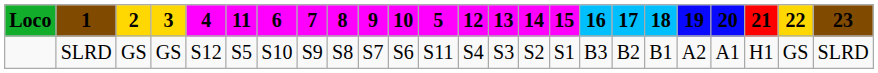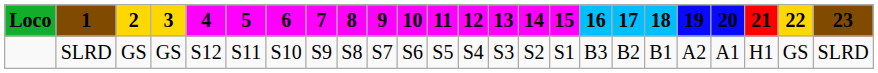 <table class="wikitable plainrowheaders unsortable" style="text-align:center">
 <tr>
 <th rowspan="1" scope="col" style="background:#12ad2b;"><span>Loco</span></th>
 <th rowspan="1" scope="col" style="background:#804a00;"><span>1</span></th>
 <th rowspan="1" scope="col" style="background:#ffd801;">2</th>
 <th rowspan="1" scope="col" style="background:#ffd801;">3</th>
 <th rowspan="1" scope="col" style="background:#ff00ff;">4</th>
-<th rowspan="1" scope="col" style="background:#ff00ff;">11</th>
+<th rowspan="1" scope="col" style="background:#ff00ff;">5</th>
 <th rowspan="1" scope="col" style="background:#ff00ff;">6</th>
 <th rowspan="1" scope="col" style="background:#ff00ff;">7</th>
 <th rowspan="1" scope="col" style="background:#ff00ff;">8</th>
 <th rowspan="1" scope="col" style="background:#ff00ff;">9</th>
 <th rowspan="1" scope="col" style="background:#ff00ff;">10</th>
-<th rowspan="1" scope="col" style="background:#ff00ff;">5</th>
+<th rowspan="1" scope="col" style="background:#ff00ff;">11</th>
 <th rowspan="1" scope="col" style="background:#ff00ff;">12</th>
 <th rowspan="1" scope="col" style="background:#ff00ff;">13</th>
 <th rowspan="1" scope="col" style="background:#ff00ff;">14</th>
 <th rowspan="1" scope="col" style="background:#ff00ff;">15</th>
 <th rowspan="1" scope="col" style="background:#00bfff">16</th>
 <th rowspan="1" scope="col" style="background:#00bfff">17</th>
 <th rowspan="1" scope="col" style="background:#00bfff">18</th>
 <th rowspan="1" scope="col" style="background:#0909ff;"><span>19</span></th>
 <th rowspan="1" scope="col" style="background:#0909ff;"><span>20</span></th>
 <th rowspan="1" scope="col" style="background:#ff0000;"><span>21</span></th>
 <th rowspan="1" scope="col" style="background:#ffd801;">22</th>
 <th rowspan="1" scope="col" style="background:#804a00;"><span>23</span></th>
 </tr>
 <tr>
 <td><strong></strong></td>
 <td>SLRD</td>
 <td>GS</td>
 <td>GS</td>
 <td>S12</td>
-<td>S5</td>
+<td>S11</td>
 <td>S10</td>
 <td>S9</td>
 <td>S8</td>
 <td>S7</td>
 <td>S6</td>
-<td>S11</td>
+<td>S5</td>
 <td>S4</td>
 <td>S3</td>
 <td>S2</td>
 <td>S1</td>
 <td>B3</td>
 <td>B2</td>
 <td>B1</td>
 <td>A2</td>
 <td>A1</td>
 <td>H1</td>
 <td>GS</td>
 <td>SLRD</td>
 </tr>
 </table>
